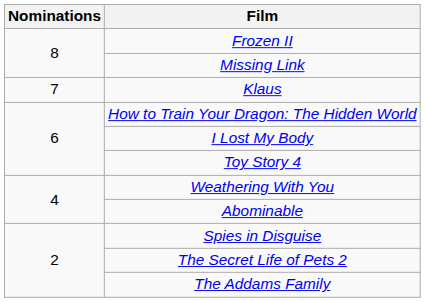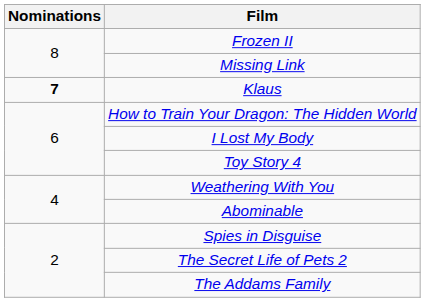 <table class="wikitable" style="text-align: center">
 <tr>
 <th scope="col" width="55">Nominations</th>
 <th scope="col" align="center">Film</th>
 </tr>
 <tr>
 <td rowspan="2" style="text-align:center">8</td>
 <td><em><a href='#'>Frozen II</a></em></td>
 </tr>
 <tr>
 <td><em><a href='#'>Missing Link</a></em></td>
 </tr>
 <tr>
-<td>7</td>
+<td><strong>7</strong></td>
 <td style="text-align:center"><em><a href='#'>Klaus</a></em></td>
 </tr>
 <tr>
 <td rowspan="3">6</td>
 <td><em><a href='#'>How to Train Your Dragon: The Hidden World</a></em></td>
 </tr>
 <tr>
 <td><em><a href='#'>I Lost My Body</a></em></td>
 </tr>
 <tr>
 <td><em><a href='#'>Toy Story 4</a></em></td>
 </tr>
 <tr>
 <td rowspan=2 style="text-align:center">4</td>
 <td><em><a href='#'>Weathering With You</a></em></td>
 </tr>
 <tr>
 <td><em><a href='#'>Abominable</a></em></td>
 </tr>
 <tr>
 <td rowspan=3 style="text-align:center">2</td>
 <td><em><a href='#'>Spies in Disguise</a></em></td>
 </tr>
 <tr>
 <td><em><a href='#'>The Secret Life of Pets 2</a></em></td>
 </tr>
 <tr>
 <td><em><a href='#'>The Addams Family</a></em></td>
 </tr>
 </table>
